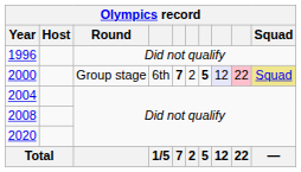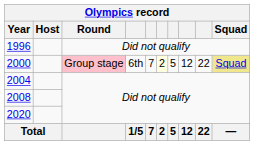 <table class="wikitable" style="text-align: center;font-size:100%;">
 <tr>
 <th colspan="11"><a href='#'>Olympics</a> record</th>
 </tr>
 <tr>
 <th scope="col">Year</th>
 <th scope="col">Host</th>
 <th scope="col">Round</th>
 <th scope="col"></th>
 <th scope="col"></th>
 <th scope="col"></th>
 <th scope="col"></th>
 <th scope="col"></th>
 <th scope="col"></th>
 <th scope="col">Squad</th>
 </tr>
 <tr>
 <td><a href='#'>1996</a></td>
 <td align=left></td>
 <td colspan="8"><em>Did not qualify</em></td>
 </tr>
 <tr>
 <td><a href='#'>2000</a></td>
 <td align=left></td>
-<td>Group stage</td>
+<td style="background: pink;">Group stage</td>
 <td>6th</td>
-<td><strong>7</strong></td>
-<td>2</td>
-<td><strong>5</strong></td>
-<td style="background: lavender;">12</td>
-<td style="background: pink;">22</td>
+<td>7</td>
+<td style="background: lightyellow;">2</td>
+<td>5</td>
+<td>12</td>
+<td>22</td>
 <td style="background: khaki;"><a href='#'>Squad</a></td>
 </tr>
 <tr>
 <td><a href='#'>2004</a></td>
 <td align=left></td>
 <td colspan="8" rowspan="3"><em>Did not qualify</em></td>
 </tr>
 <tr>
 <td><a href='#'>2008</a></td>
 <td align=left></td>
 </tr>
 <tr>
 <td><a href='#'>2020</a></td>
 <td align=left></td>
 </tr>
 <tr>
 <th colspan=2>Total</th>
 <th></th>
 <th>1/5</th>
 <th>7</th>
 <th>2</th>
 <th>5</th>
 <th>12</th>
 <th>22</th>
 <th>—</th>
 </tr>
 </table>
